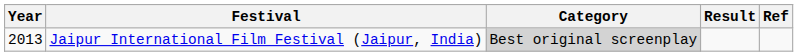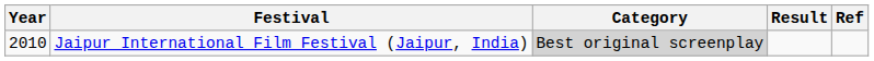 <table class="wikitable">
 <tr>
 <th>Year</th>
 <th>Festival</th>
 <th>Category</th>
 <th>Result</th>
 <th>Ref</th>
 </tr>
 <tr>
-<td>2013</td>
+<td>2010</td>
 <td><a href='#'>Jaipur International Film Festival</a> (<a href='#'>Jaipur</a>, <a href='#'>India</a>)</td>
 <td style="background: lightgrey;">Best original screenplay</td>
 <td></td>
 <td><br> </td>
 </tr>
 </table>
